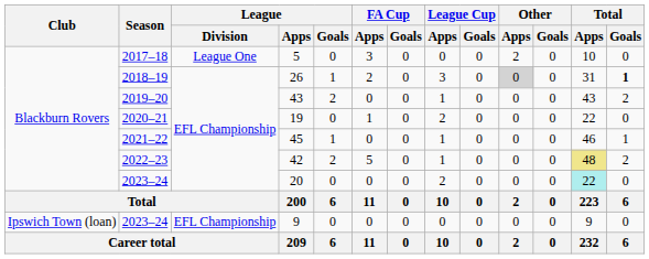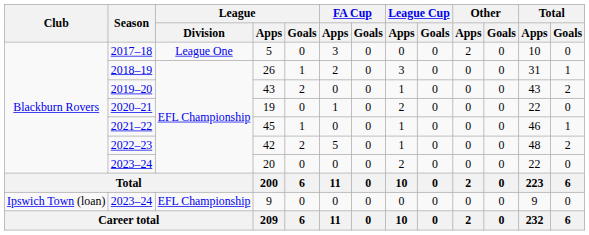 <table class="wikitable" style="text-align: center">
 <tr>
 <th rowspan="2">Club</th>
 <th rowspan="2">Season</th>
 <th colspan="3">League</th>
 <th colspan="2"><a href='#'>FA Cup</a></th>
 <th colspan="2"><a href='#'>League Cup</a></th>
 <th colspan="2">Other</th>
 <th colspan="2">Total</th>
 </tr>
 <tr>
 <th>Division</th>
 <th>Apps</th>
 <th>Goals</th>
 <th>Apps</th>
 <th>Goals</th>
 <th>Apps</th>
 <th>Goals</th>
 <th>Apps</th>
 <th>Goals</th>
 <th>Apps</th>
 <th>Goals</th>
 </tr>
 <tr>
 <td rowspan="7"><a href='#'>Blackburn Rovers</a></td>
 <td><a href='#'>2017–18</a></td>
 <td><a href='#'>League One</a></td>
 <td>5</td>
 <td>0</td>
 <td>3</td>
 <td>0</td>
 <td>0</td>
 <td>0</td>
 <td>2</td>
 <td>0</td>
 <td>10</td>
 <td>0</td>
 </tr>
 <tr>
 <td><a href='#'>2018–19</a></td>
 <td rowspan="6"><a href='#'>EFL Championship</a></td>
 <td>26</td>
 <td>1</td>
 <td>2</td>
 <td>0</td>
 <td>3</td>
 <td>0</td>
-<td style="background: lightgrey;">0</td>
+<td>0</td>
 <td>0</td>
 <td>31</td>
-<td><strong>1</strong></td>
+<td>1</td>
 </tr>
 <tr>
 <td><a href='#'>2019–20</a></td>
 <td>43</td>
 <td>2</td>
 <td>0</td>
 <td>0</td>
 <td>1</td>
 <td>0</td>
 <td>0</td>
 <td>0</td>
 <td>43</td>
 <td>2</td>
 </tr>
 <tr>
 <td><a href='#'>2020–21</a></td>
 <td>19</td>
 <td>0</td>
 <td>1</td>
 <td>0</td>
 <td>2</td>
 <td>0</td>
 <td>0</td>
 <td>0</td>
 <td>22</td>
 <td>0</td>
 </tr>
 <tr>
 <td><a href='#'>2021–22</a></td>
 <td>45</td>
 <td>1</td>
 <td>0</td>
 <td>0</td>
 <td>1</td>
 <td>0</td>
 <td>0</td>
 <td>0</td>
 <td>46</td>
 <td>1</td>
 </tr>
 <tr>
 <td><a href='#'>2022–23</a></td>
 <td>42</td>
 <td>2</td>
 <td>5</td>
 <td>0</td>
 <td>1</td>
 <td>0</td>
 <td>0</td>
 <td>0</td>
-<td style="background: khaki;">48</td>
+<td>48</td>
 <td>2</td>
 </tr>
 <tr>
 <td><a href='#'>2023–24</a></td>
 <td>20</td>
 <td>0</td>
 <td>0</td>
 <td>0</td>
 <td>2</td>
 <td>0</td>
 <td>0</td>
 <td>0</td>
-<td style="background: paleturquoise;">22</td>
+<td>22</td>
 <td>0</td>
 </tr>
 <tr>
 <th colspan="3">Total</th>
 <th>200</th>
 <th>6</th>
 <th>11</th>
 <th>0</th>
 <th>10</th>
 <th>0</th>
 <th>2</th>
 <th>0</th>
 <th>223</th>
 <th>6</th>
 </tr>
 <tr>
 <td rowspan="1"><a href='#'>Ipswich Town</a> (loan)</td>
 <td><a href='#'>2023–24</a></td>
 <td><a href='#'>EFL Championship</a></td>
 <td>9</td>
 <td>0</td>
 <td>0</td>
 <td>0</td>
 <td>0</td>
 <td>0</td>
 <td>0</td>
 <td>0</td>
 <td>9</td>
 <td>0</td>
 </tr>
 <tr>
 <th colspan="3">Career total</th>
 <th>209</th>
 <th>6</th>
 <th>11</th>
 <th>0</th>
 <th>10</th>
 <th>0</th>
 <th>2</th>
 <th>0</th>
 <th>232</th>
 <th>6</th>
 </tr>
 </table>
